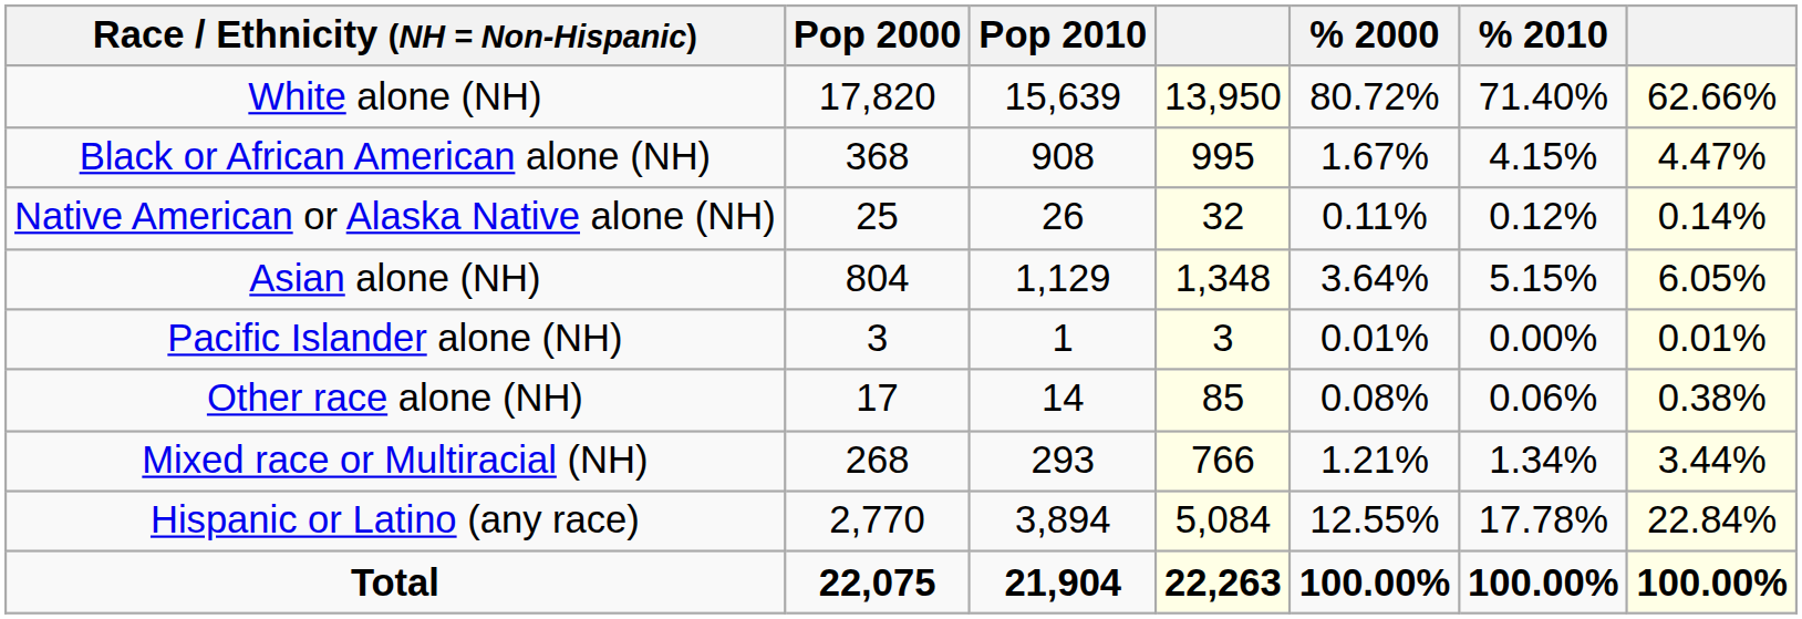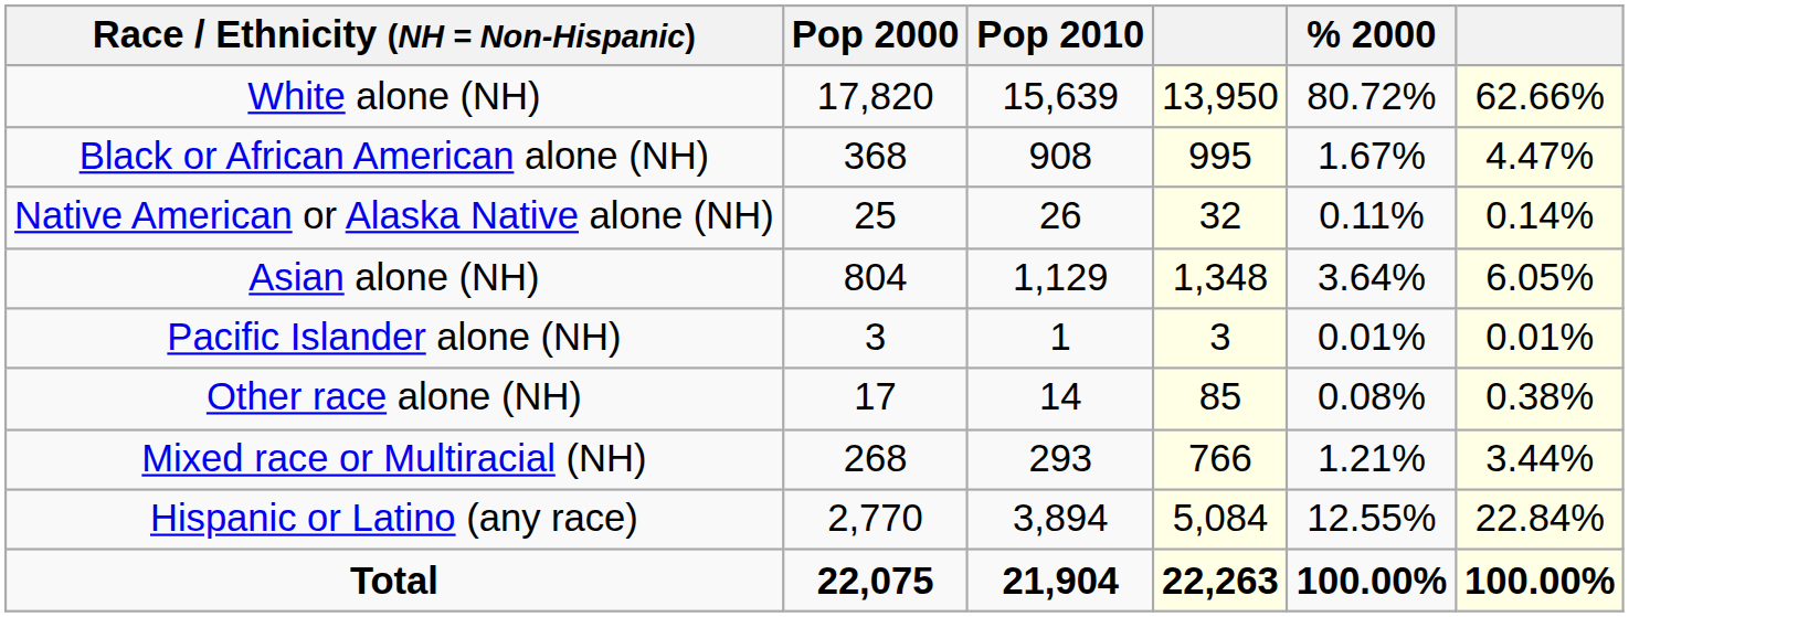 <table class="wikitable" style="text-align:center;">
 <tr>
 <th>Race / Ethnicity <small>(<em>NH = Non-Hispanic</em>)</small></th>
 <th>Pop 2000</th>
 <th>Pop 2010</th>
 <th></th>
 <th>% 2000</th>
-<th>% 2010</th>
 <th></th>
 </tr>
 <tr>
 <td><a href='#'>White</a> alone (NH)</td>
 <td>17,820</td>
 <td>15,639</td>
 <td style='background: #ffffe6;'>13,950</td>
 <td>80.72%</td>
-<td>71.40%</td>
 <td style='background: #ffffe6;'>62.66%</td>
 </tr>
 <tr>
 <td><a href='#'>Black or African American</a> alone (NH)</td>
 <td>368</td>
 <td>908</td>
 <td style='background: #ffffe6;'>995</td>
 <td>1.67%</td>
-<td>4.15%</td>
 <td style='background: #ffffe6;'>4.47%</td>
 </tr>
 <tr>
 <td><a href='#'>Native American</a> or <a href='#'>Alaska Native</a> alone (NH)</td>
 <td>25</td>
 <td>26</td>
 <td style='background: #ffffe6;'>32</td>
 <td>0.11%</td>
-<td>0.12%</td>
 <td style='background: #ffffe6;'>0.14%</td>
 </tr>
 <tr>
 <td><a href='#'>Asian</a> alone (NH)</td>
 <td>804</td>
 <td>1,129</td>
 <td style='background: #ffffe6;'>1,348</td>
 <td>3.64%</td>
-<td>5.15%</td>
 <td style='background: #ffffe6;'>6.05%</td>
 </tr>
 <tr>
 <td><a href='#'>Pacific Islander</a> alone (NH)</td>
 <td>3</td>
 <td>1</td>
 <td style='background: #ffffe6;'>3</td>
 <td>0.01%</td>
-<td>0.00%</td>
 <td style='background: #ffffe6;'>0.01%</td>
 </tr>
 <tr>
 <td><a href='#'>Other race</a> alone (NH)</td>
 <td>17</td>
 <td>14</td>
 <td style='background: #ffffe6;'>85</td>
 <td>0.08%</td>
-<td>0.06%</td>
 <td style='background: #ffffe6;'>0.38%</td>
 </tr>
 <tr>
 <td><a href='#'>Mixed race or Multiracial</a> (NH)</td>
 <td>268</td>
 <td>293</td>
 <td style='background: #ffffe6;'>766</td>
 <td>1.21%</td>
-<td>1.34%</td>
 <td style='background: #ffffe6;'>3.44%</td>
 </tr>
 <tr>
 <td><a href='#'>Hispanic or Latino</a> (any race)</td>
 <td>2,770</td>
 <td>3,894</td>
 <td style='background: #ffffe6;'>5,084</td>
 <td>12.55%</td>
-<td>17.78%</td>
 <td style='background: #ffffe6;'>22.84%</td>
 </tr>
 <tr>
 <td><strong>Total</strong></td>
 <td><strong>22,075</strong></td>
 <td><strong>21,904</strong></td>
 <td style='background: #ffffe6;'><strong>22,263</strong></td>
 <td><strong>100.00%</strong></td>
-<td><strong>100.00%</strong></td>
 <td style='background: #ffffe6;'><strong>100.00%</strong></td>
 </tr>
 </table>
